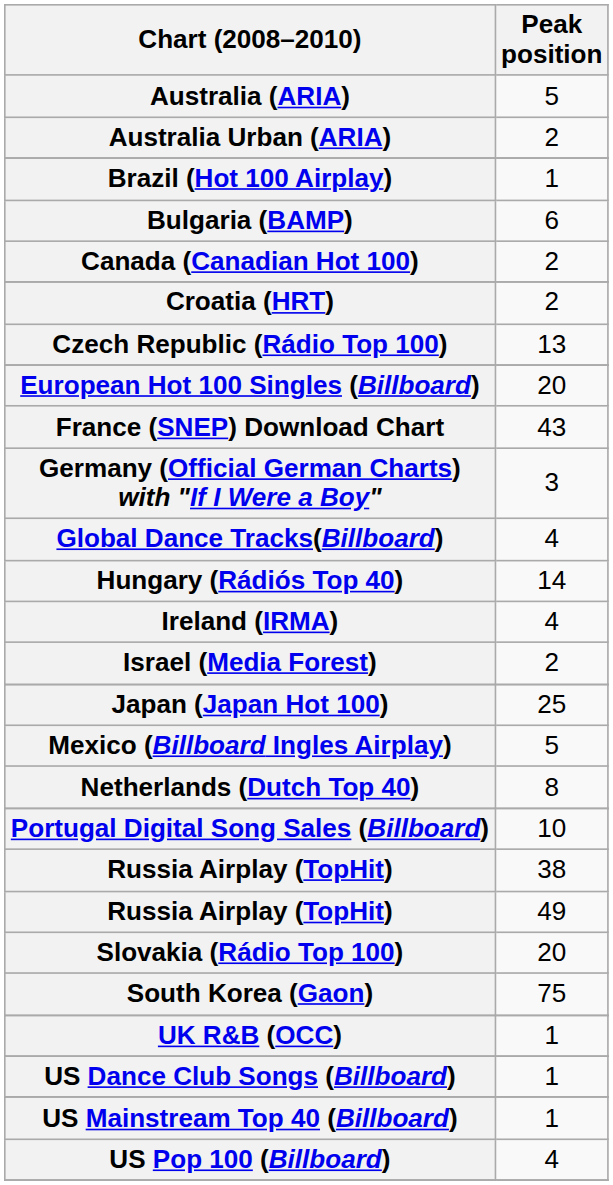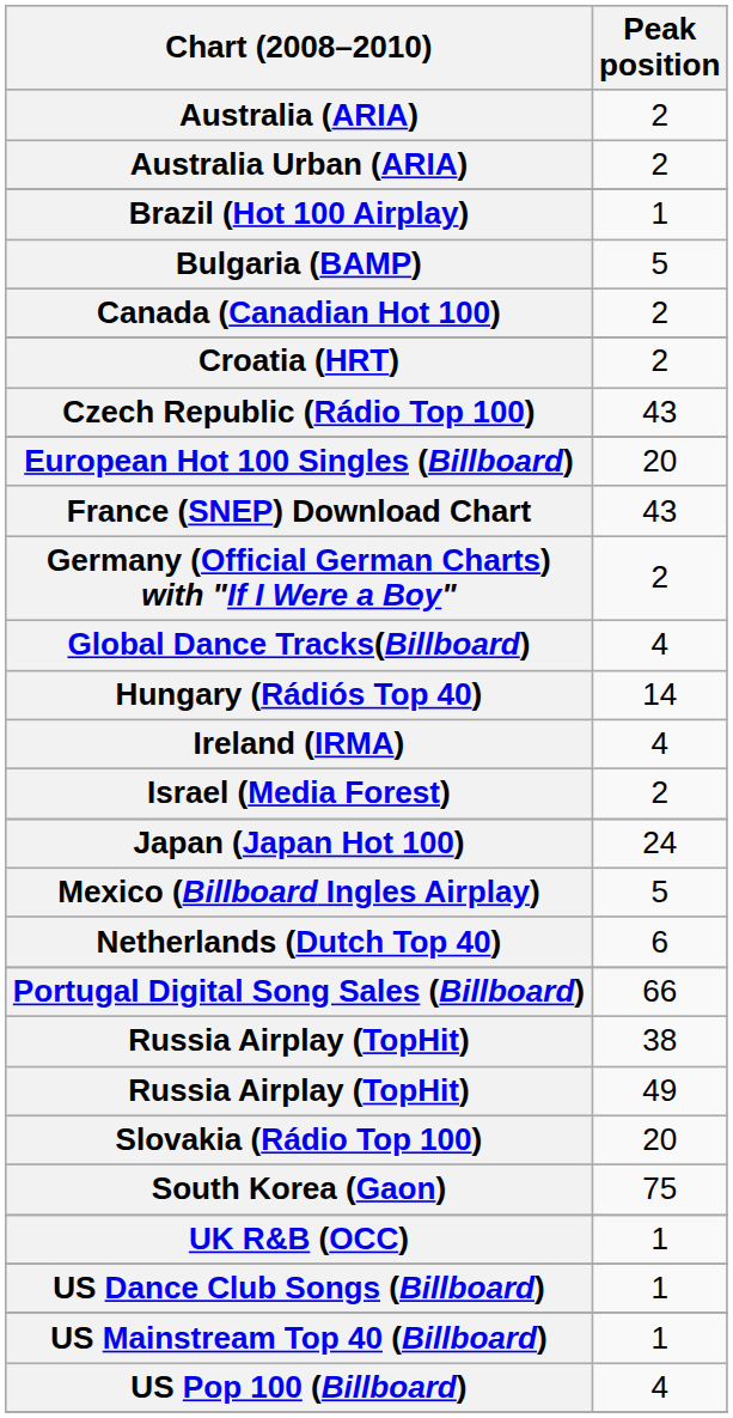 <table class="wikitable sortable plainrowheaders" style="text-align:center">
 <tr>
 <th scope="col">Chart (2008–2010)</th>
 <th scope="col">Peak<br>position</th>
 </tr>
 <tr>
 <th scope="row">Australia (<a href='#'>ARIA</a>)</th>
-<td style="text-align:center;">5</td>
+<td style="text-align:center;">2</td>
 </tr>
 <tr>
 <th scope="row">Australia Urban (<a href='#'>ARIA</a>)</th>
 <td style="text-align:center;">2</td>
 </tr>
 <tr>
 </tr>
 <tr>
 </tr>
 <tr>
 </tr>
 <tr>
 <th scope="row">Brazil (<a href='#'>Hot 100 Airplay</a>)</th>
 <td style="text-align:center;">1</td>
 </tr>
 <tr>
 <th scope="row">Bulgaria (<a href='#'>BAMP</a>)</th>
-<td style="text-align:center;">6</td>
+<td style="text-align:center;">5</td>
 </tr>
 <tr>
 <th scope="row">Canada (<a href='#'>Canadian Hot 100</a>)</th>
 <td style="text-align:center;">2</td>
 </tr>
 <tr>
 </tr>
 <tr>
 </tr>
 <tr>
 </tr>
 <tr>
 <th scope="row">Croatia (<a href='#'>HRT</a>)</th>
 <td align="center">2</td>
 </tr>
 <tr>
 <th scope="row">Czech Republic (<a href='#'>Rádio Top 100</a>)</th>
-<td style="text-align:center;">13</td>
+<td style="text-align:center;">43</td>
 </tr>
 <tr>
 </tr>
 <tr>
 <th scope="row"><a href='#'>European Hot 100 Singles</a> (<em><a href='#'>Billboard</a></em>)</th>
 <td style="text-align:center;">20</td>
 </tr>
 <tr>
 <th scope="row">France (<a href='#'>SNEP</a>) Download Chart</th>
 <td style="text-align:center;">43</td>
 </tr>
 <tr>
 <th scope="row">Germany (<a href='#'>Official German Charts</a>)<br><em>with "<a href='#'>If I Were a Boy</a>"</em></th>
-<td style="text-align:center;">3</td>
+<td style="text-align:center;">2</td>
 </tr>
 <tr>
 <th scope="row"><a href='#'>Global Dance Tracks</a>(<em><a href='#'>Billboard</a></em>)</th>
 <td style="text-align:center;">4</td>
 </tr>
 <tr>
 <th scope="row">Hungary (<a href='#'>Rádiós Top 40</a>)</th>
 <td style="text-align:center;">14</td>
 </tr>
 <tr>
 <th scope="row">Ireland (<a href='#'>IRMA</a>)</th>
 <td style="text-align:center;">4</td>
 </tr>
 <tr>
 <th scope="row">Israel (<a href='#'>Media Forest</a>)</th>
 <td align="center">2</td>
 </tr>
 <tr>
 </tr>
 <tr>
 <th scope="row">Japan (<a href='#'>Japan Hot 100</a>)</th>
-<td style="text-align:center;">25</td>
+<td style="text-align:center;">24</td>
 </tr>
 <tr>
 <th scope="row">Mexico (<a href='#'><em>Billboard</em> Ingles Airplay</a>)</th>
 <td>5</td>
 </tr>
 <tr>
 <th scope="row">Netherlands (<a href='#'>Dutch Top 40</a>)</th>
-<td style="text-align:center;">8</td>
+<td style="text-align:center;">6</td>
 </tr>
 <tr>
 </tr>
 <tr>
 </tr>
 <tr>
 </tr>
 <tr>
 <th scope="row"><a href='#'>Portugal Digital Song Sales</a> (<em><a href='#'>Billboard</a></em>)</th>
-<td style="text-align:center;">10</td>
+<td style="text-align:center;">66</td>
 </tr>
 <tr>
 <th scope="row">Russia Airplay (<a href='#'>TopHit</a>)</th>
 <td>38</td>
 </tr>
 <tr>
 <th scope="row">Russia Airplay (<a href='#'>TopHit</a>)<br></th>
 <td>49</td>
 </tr>
 <tr>
 <th scope="row">Slovakia (<a href='#'>Rádio Top 100</a>)</th>
 <td style="text-align:center;">20</td>
 </tr>
 <tr>
 <th scope="row">South Korea (<a href='#'>Gaon</a>)</th>
 <td align="center">75</td>
 </tr>
 <tr>
 </tr>
 <tr>
 </tr>
 <tr>
 </tr>
 <tr>
 </tr>
 <tr>
 </tr>
 <tr>
 <th scope="row"><a href='#'>UK R&B</a> (<a href='#'>OCC</a>)</th>
 <td style="text-align:center;">1</td>
 </tr>
 <tr>
 </tr>
 <tr>
 </tr>
 <tr>
 <th scope="row">US <a href='#'>Dance Club Songs</a> (<em><a href='#'>Billboard</a></em>)</th>
 <td style="text-align:center;">1</td>
 </tr>
 <tr>
 </tr>
 <tr>
 <th scope="row">US <a href='#'>Mainstream Top 40</a> (<em><a href='#'>Billboard</a></em>)</th>
 <td style="text-align:center;">1</td>
 </tr>
 <tr>
 <th scope="row">US <a href='#'>Pop 100</a> (<em><a href='#'>Billboard</a></em>)</th>
 <td style="text-align:center;">4</td>
 </tr>
 <tr>
 </tr>
 </table>
